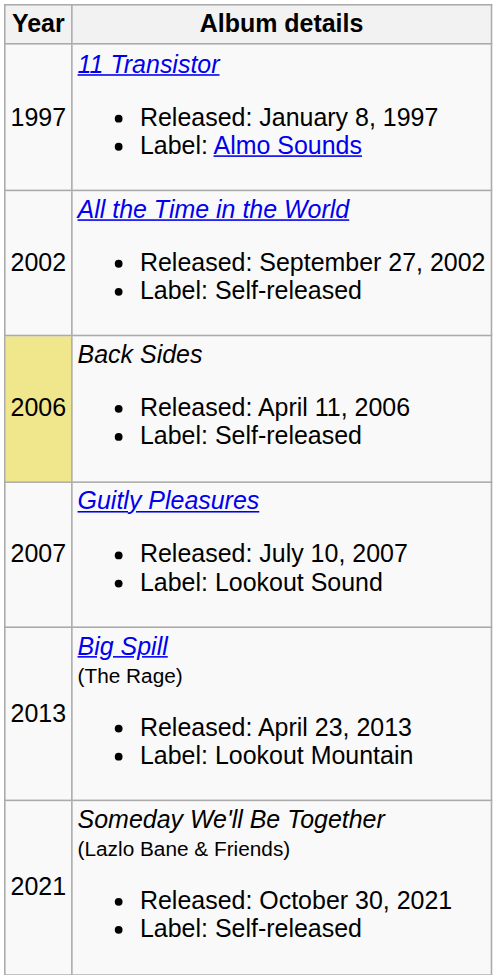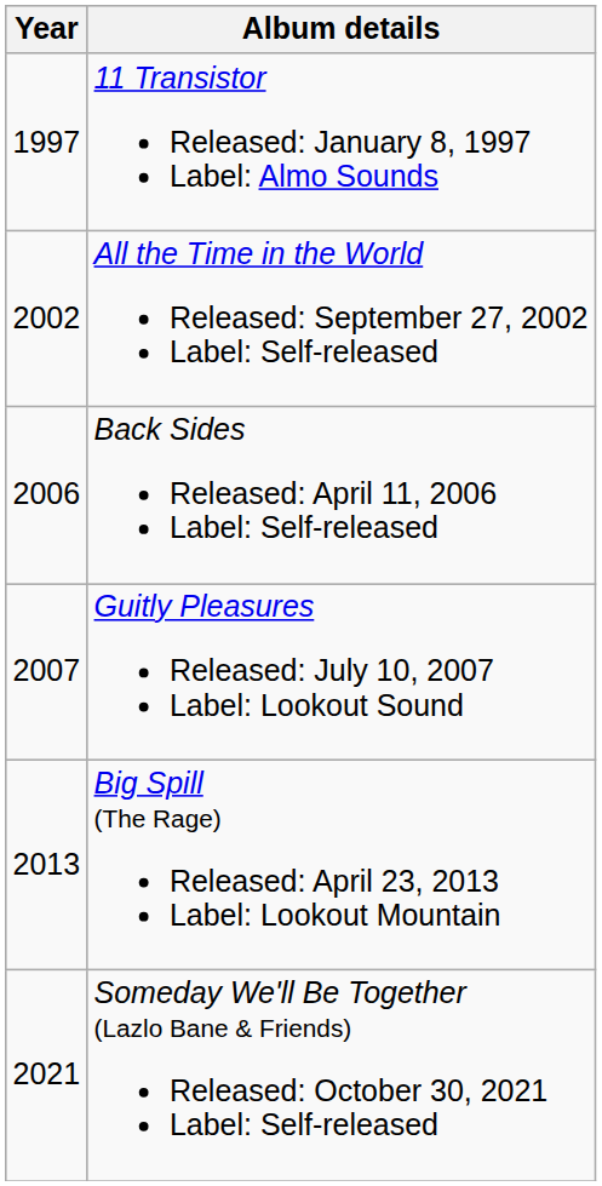 <table class="wikitable">
 <tr>
 <th>Year</th>
 <th>Album details</th>
 </tr>
 <tr>
 <td>1997</td>
 <td><em><a href='#'>11 Transistor</a></em><br><ul><li>Released: January 8, 1997</li><li>Label: <a href='#'>Almo Sounds</a></li></ul></td>
 </tr>
 <tr>
 <td>2002</td>
 <td><em><a href='#'>All the Time in the World</a></em><br><ul><li>Released: September 27, 2002</li><li>Label: Self-released</li></ul></td>
 </tr>
 <tr>
-<td style="background: khaki;">2006</td>
+<td>2006</td>
 <td><em>Back Sides</em><br><ul><li>Released: April 11, 2006</li><li>Label: Self-released</li></ul></td>
 </tr>
 <tr>
 <td>2007</td>
 <td><em><a href='#'>Guitly Pleasures</a></em><br><ul><li>Released: July 10, 2007</li><li>Label: Lookout Sound</li></ul></td>
 </tr>
 <tr>
 <td>2013</td>
 <td><em><a href='#'>Big Spill</a></em> <br><small>(The Rage)</small><br><ul><li>Released: April 23, 2013</li><li>Label: Lookout Mountain</li></ul></td>
 </tr>
 <tr>
 <td>2021</td>
 <td><em>Someday We'll Be Together</em> <br><small>(Lazlo Bane & Friends)</small><br><ul><li>Released: October 30, 2021</li><li>Label: Self-released</li></ul></td>
 </tr>
 </table>
